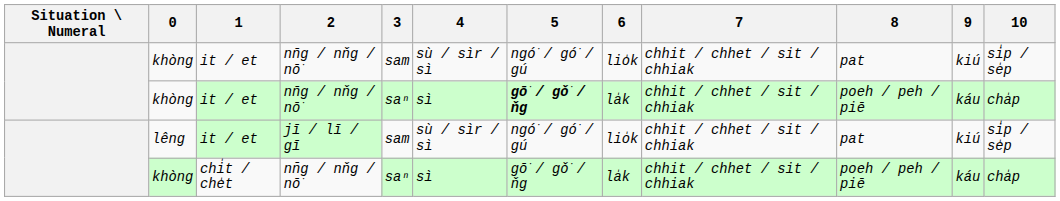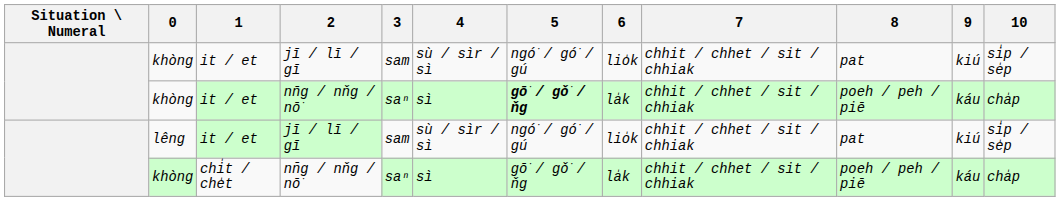 <table class="wikitable" style="width:50%;" border="1">
 <tr>
 <th>Situation \ Numeral</th>
 <th>0</th>
 <th>1</th>
 <th>2</th>
 <th>3</th>
 <th>4</th>
 <th>5</th>
 <th>6</th>
 <th>7</th>
 <th>8</th>
 <th>9</th>
 <th>10</th>
 </tr>
 <tr>
 <th rowspan=2></th>
 <td><em>khòng</em></td>
 <td><em>it / et</em></td>
-<td><em>nn̄g / nňg / nō͘</em></td>
+<td><em>jī / lī / gī</em></td>
 <td><em>sam</em></td>
 <td><em>sù / sìr / sì</em></td>
 <td><em>ngó͘ / gó͘ / gú</em></td>
 <td><em>lio̍k</em></td>
 <td><em>chhit / chhet / sit / chhiak</em></td>
 <td><em>pat</em></td>
 <td><em>kiú</em></td>
 <td><em>si̍p / se̍p</em></td>
 </tr>
 <tr>
 <td><em>khòng</em></td>
 <td style="background: #CFC;"><em>it / et</em></td>
 <td style="background: #CFC;"><em>nn̄g / nňg / nō͘</em></td>
 <td style="background: #CFC;"><em>saⁿ</em></td>
 <td style="background: #CFC;"><em>sì</em></td>
 <td style="background: #CFC;"><strong><em>gō͘ / gǒ͘ / ňg</em></strong></td>
 <td style="background: #CFC;"><em>la̍k</em></td>
 <td style="background: #CFC;"><em>chhit / chhet / sit / chhiak</em></td>
 <td style="background: #CFC;"><em>poeh / peh / piē</em></td>
 <td style="background: #CFC;"><em>káu</em></td>
 <td style="background: #CFC;"><em>cha̍p</em></td>
 </tr>
 <tr>
 <th rowspan=2></th>
 <td><em>lêng</em></td>
 <td style="background: #CFC;"><em>it / et</em></td>
 <td style="background: #CFC;"><em>jī / lī / gī</em></td>
 <td><em>sam</em></td>
 <td><em>sù / sìr / sì</em></td>
 <td><em>ngó͘ / gó͘ / gú</em></td>
 <td><em>lio̍k</em></td>
 <td><em>chhit / chhet / sit / chhiak</em></td>
 <td><em>pat</em></td>
 <td><em>kiú</em></td>
 <td><em>si̍p / se̍p</em></td>
 </tr>
 <tr>
 <td style="background: #CFC;"><em>khòng</em></td>
 <td><em>chi̍t / che̍t</em></td>
 <td><em>nn̄g / nňg / nō͘</em></td>
 <td style="background: #CFC;"><em>saⁿ</em></td>
 <td style="background: #CFC;"><em>sì</em></td>
 <td style="background: #CFC;"><em>gō͘ / gǒ͘ / ňg</em></td>
 <td style="background: #CFC;"><em>la̍k</em></td>
 <td style="background: #CFC;"><em>chhit / chhet / sit / chhiak</em></td>
 <td style="background: #CFC;"><em>poeh / peh / piē</em></td>
 <td style="background: #CFC;"><em>káu</em></td>
 <td style="background: #CFC;"><em>cha̍p</em></td>
 </tr>
 </table>
